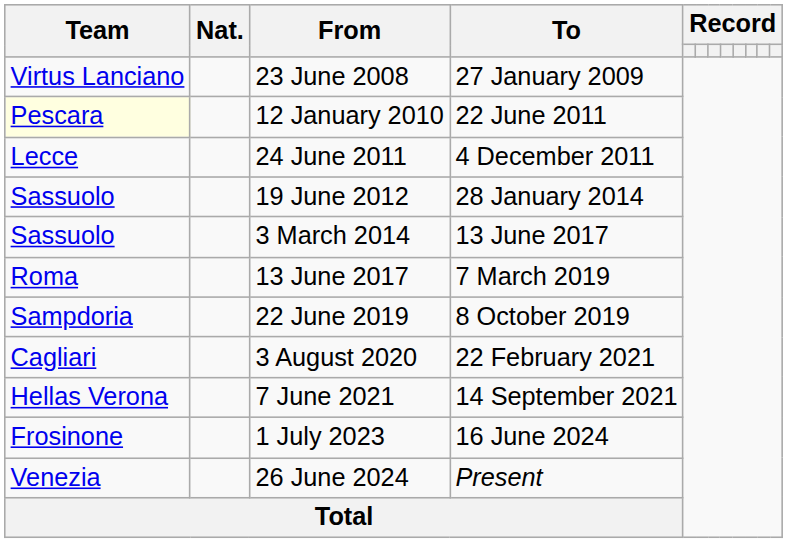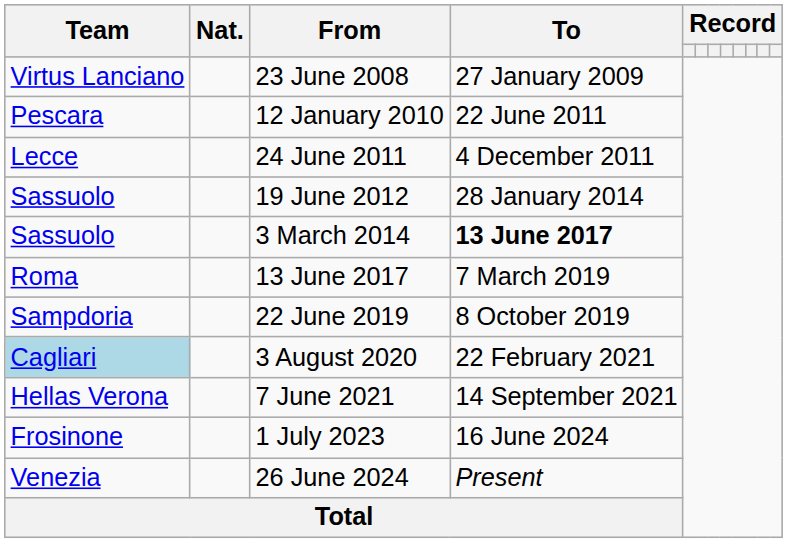 <table class="wikitable" style="text-align: center">
 <tr>
 <th rowspan="2">Team</th>
 <th rowspan="2">Nat.</th>
 <th rowspan="2">From</th>
 <th rowspan="2">To</th>
 <th colspan="8">Record</th>
 </tr>
 <tr>
 <th></th>
 <th></th>
 <th></th>
 <th></th>
 <th></th>
 <th></th>
 <th></th>
 <th></th>
 </tr>
 <tr>
 <td align="left"><a href='#'>Virtus Lanciano</a></td>
 <td></td>
 <td align="left">23 June 2008</td>
 <td align="left">27 January 2009<br></td>
 </tr>
 <tr>
-<td align="left" style="background: lightyellow;"><a href='#'>Pescara</a></td>
+<td align="left"><a href='#'>Pescara</a></td>
 <td></td>
 <td align="left">12 January 2010</td>
 <td align="left">22 June 2011<br></td>
 </tr>
 <tr>
 <td align="left"><a href='#'>Lecce</a></td>
 <td></td>
 <td align="left">24 June 2011</td>
 <td align="left">4 December 2011<br></td>
 </tr>
 <tr>
 <td align="left"><a href='#'>Sassuolo</a></td>
 <td></td>
 <td align="left">19 June 2012</td>
 <td align="left">28 January 2014<br></td>
 </tr>
 <tr>
 <td align="left"><a href='#'>Sassuolo</a></td>
 <td></td>
 <td align="left">3 March 2014</td>
-<td align="left">13 June 2017<br></td>
+<td align="left"><strong>13 June 2017<br></strong></td>
 </tr>
 <tr>
 <td align="left"><a href='#'>Roma</a></td>
 <td></td>
 <td align="left">13 June 2017</td>
 <td align="left">7 March 2019<br></td>
 </tr>
 <tr>
 <td align="left"><a href='#'>Sampdoria</a></td>
 <td></td>
 <td align="left">22 June 2019</td>
 <td align="left">8 October 2019<br></td>
 </tr>
 <tr>
-<td align="left"><a href='#'>Cagliari</a></td>
+<td align="left" style="background: lightblue;"><a href='#'>Cagliari</a></td>
 <td></td>
 <td align="left">3 August 2020</td>
 <td align="left">22 February 2021<br></td>
 </tr>
 <tr>
 <td align="left"><a href='#'>Hellas Verona</a></td>
 <td></td>
 <td align="left">7 June 2021</td>
 <td align="left">14 September 2021<br></td>
 </tr>
 <tr>
 <td align="left"><a href='#'>Frosinone</a></td>
 <td></td>
 <td align="left">1 July 2023</td>
 <td align="left">16 June 2024<br></td>
 </tr>
 <tr>
 <td align="left"><a href='#'>Venezia</a></td>
 <td></td>
 <td align="left">26 June 2024</td>
 <td align="left"><em>Present</em><br></td>
 </tr>
 <tr>
 <th colspan="4">Total<br></th>
 </tr>
 </table>
